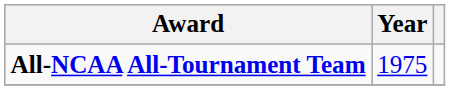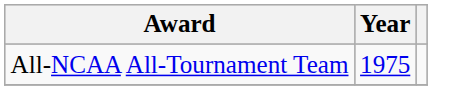 <table class="wikitable">
 <tr>
 <th>Award</th>
 <th>Year</th>
 <th></th>
 </tr>
 <tr>
-<td><strong>All-<a href='#'>NCAA</a> <a href='#'>All-Tournament Team</a></strong></td>
+<td>All-<a href='#'>NCAA</a> <a href='#'>All-Tournament Team</a></td>
 <td><a href='#'>1975</a></td>
 <td></td>
 </tr>
 <tr>
 </tr>
 </table>
